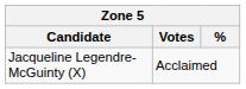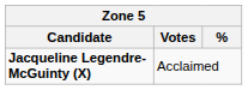 <table class="wikitable">
 <tr>
 <th colspan="3">Zone 5</th>
 </tr>
 <tr>
 <th style="width: 170px">Candidate</th>
 <th style="width: 50px">Votes</th>
 <th style="width: 40px">%</th>
 </tr>
 <tr>
-<td>Jacqueline Legendre-McGuinty (X)</td>
+<td><strong>Jacqueline Legendre-McGuinty (X)</strong></td>
 <td colspan="2">Acclaimed</td>
 </tr>
 </table>
